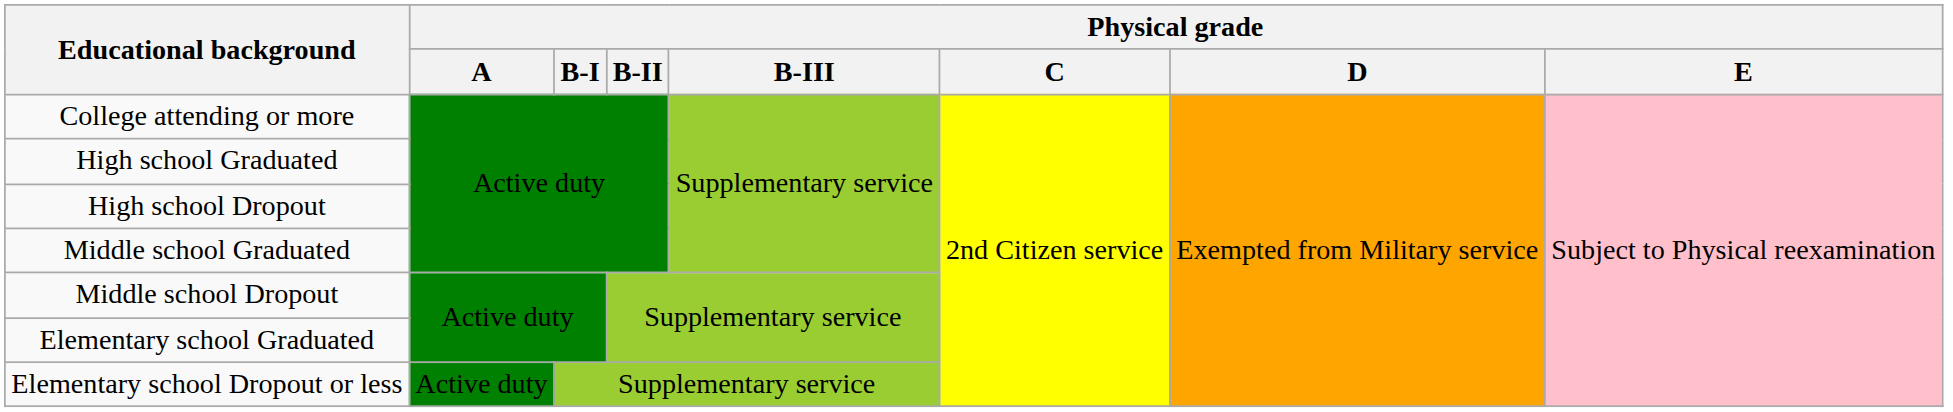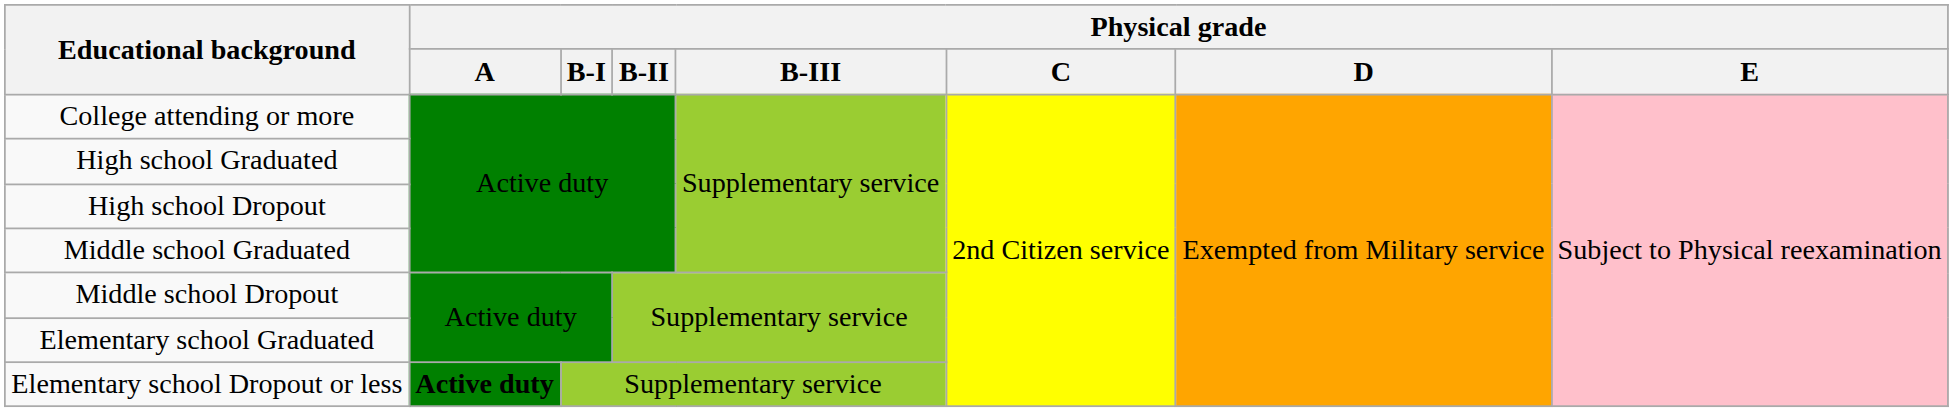 <table class="wikitable">
 <tr>
 <th rowspan="2">Educational background</th>
 <th colspan="7">Physical grade</th>
 </tr>
 <tr>
 <th>A</th>
 <th>B-I</th>
 <th>B-II</th>
 <th>B-III</th>
 <th>C</th>
 <th>D</th>
 <th>E</th>
 </tr>
 <tr>
 <td div style="text-align:center">College attending or more</td>
 <td colspan="3" rowspan="4" div style="background:green; text-align:center;">Active duty</td>
 <td rowspan="4" div style="background:yellowgreen; text-align:center;">Supplementary service</td>
 <td rowspan="7" div style="background:yellow; text-align:center;">2nd Citizen service</td>
 <td rowspan="7" div style="background:orange; text-align:center;">Exempted from Military service</td>
 <td rowspan="7" div style="background:pink; text-align:center;">Subject to Physical reexamination</td>
 </tr>
 <tr>
 <td div style="text-align:center">High school Graduated</td>
 </tr>
 <tr>
 <td div style="text-align:center">High school Dropout</td>
 </tr>
 <tr>
 <td div style="text-align:center">Middle school Graduated</td>
 </tr>
 <tr>
 <td div style="text-align:center">Middle school Dropout</td>
 <td colspan="2" rowspan="2" div style="background:green; text-align:center;">Active duty</td>
 <td colspan="2" rowspan="2" div style="background:yellowgreen; text-align:center;">Supplementary service</td>
 </tr>
 <tr>
 <td div style="text-align:center">Elementary school Graduated</td>
 </tr>
 <tr>
 <td div style="text-align:center">Elementary school Dropout or less</td>
-<td div style="background:green; text-align:center;">Active duty</td>
+<td div style="background:green; text-align:center;"><strong>Active duty</strong></td>
 <td colspan="3" div style="background:yellowgreen; text-align:center;">Supplementary service</td>
 </tr>
 </table>
